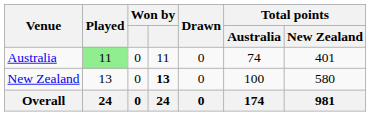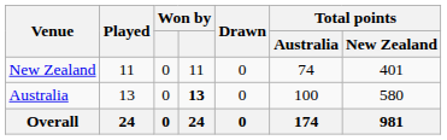 <table class="wikitable" style="text-align: center;">
 <tr>
 <th rowspan=2>Venue</th>
 <th rowspan=2>Played</th>
 <th colspan=2>Won by</th>
 <th rowspan=2>Drawn</th>
 <th colspan=2>Total points</th>
 </tr>
 <tr>
 <th align=center></th>
 <th align=center></th>
 <th>Australia</th>
 <th>New Zealand</th>
 </tr>
 <tr>
-<td align=left> <a href='#'>Australia</a></td>
-<td style="background: lightgreen;">11</td>
+<td align=left> <a href='#'>New Zealand</a></td>
+<td>11</td>
 <td>0</td>
 <td>11</td>
 <td>0</td>
 <td>74</td>
 <td>401</td>
 </tr>
 <tr>
-<td align=left> <a href='#'>New Zealand</a></td>
+<td align=left> <a href='#'>Australia</a></td>
 <td>13</td>
 <td>0</td>
 <td><strong>13</strong></td>
 <td>0</td>
 <td>100</td>
 <td>580</td>
 </tr>
 <tr>
 <th>Overall</th>
 <th>24</th>
 <th>0</th>
 <th>24</th>
 <th>0</th>
 <th>174</th>
 <th>981</th>
 </tr>
 </table>
